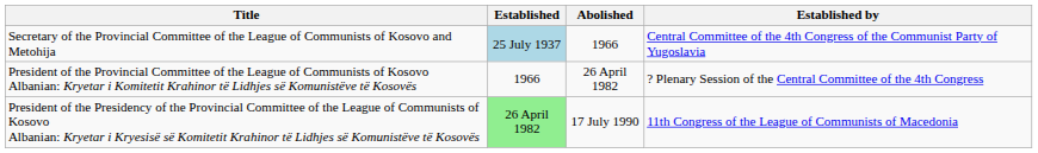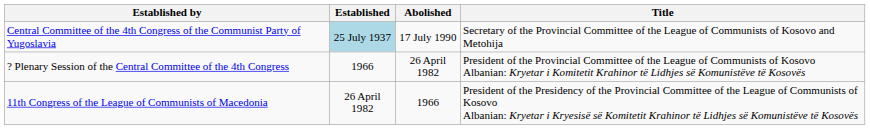 <table class="wikitable sortable">
 <tr>
-<th scope=col>Title</th>
+<th scope=col>Established by</th>
 <th scope=col>Established</th>
 <th scope=col>Abolished</th>
-<th scope=col>Established by</th>
+<th scope=col>Title</th>
 </tr>
 <tr>
+<td><a href='#'>Central Committee of the 4th Congress of the Communist Party of Yugoslavia</a></td>
+<td align="center" style="background: lightblue;">25 July 1937</td>
+<td align="center">17 July 1990</td>
 <td>Secretary of the Provincial Committee of the League of Communists of Kosovo and Metohija<br></td>
-<td align="center" style="background: lightblue;">25 July 1937</td>
-<td align="center">1966</td>
-<td><a href='#'>Central Committee of the 4th Congress of the Communist Party of Yugoslavia</a></td>
 </tr>
 <tr>
-<td>President of the Provincial Committee of the League of Communists of Kosovo<br>Albanian: <em>Kryetar i Komitetit Krahinor të Lidhjes së Komunistëve të Kosovës</em></td>
+<td>? Plenary Session of the <a href='#'>Central Committee of the 4th Congress</a></td>
 <td align="center">1966</td>
 <td align="center">26 April 1982</td>
-<td>? Plenary Session of the <a href='#'>Central Committee of the 4th Congress</a></td>
+<td>President of the Provincial Committee of the League of Communists of Kosovo<br>Albanian: <em>Kryetar i Komitetit Krahinor të Lidhjes së Komunistëve të Kosovës</em></td>
 </tr>
 <tr>
+<td><a href='#'>11th Congress of the League of Communists of Macedonia</a></td>
+<td align="center">26 April 1982</td>
+<td align="center">1966</td>
 <td>President of the Presidency of the Provincial Committee of the League of Communists of Kosovo<br>Albanian: <em>Kryetar i Kryesisë së Komitetit Krahinor të Lidhjes së Komunistëve të Kosovës</em></td>
-<td align="center" style="background: lightgreen;">26 April 1982</td>
-<td align="center">17 July 1990</td>
-<td><a href='#'>11th Congress of the League of Communists of Macedonia</a></td>
 </tr>
 </table>
